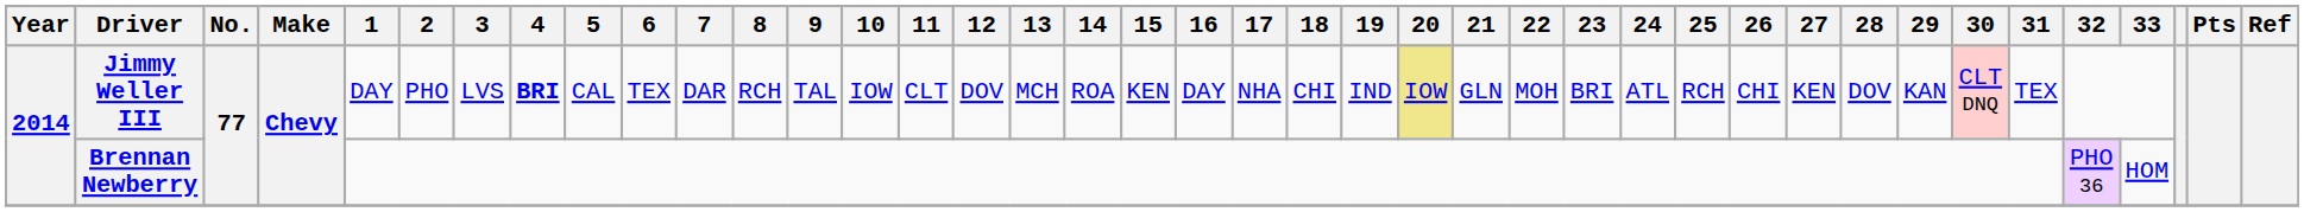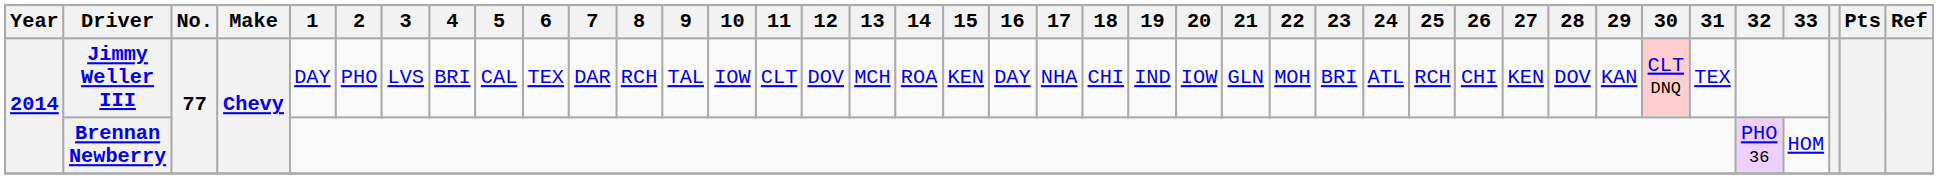 <table class="wikitable" style="text-align:center; font-size:75%">
 <tr>
 <th>Year</th>
 <th>Driver</th>
 <th>No.</th>
 <th>Make</th>
 <th>1</th>
 <th>2</th>
 <th>3</th>
 <th>4</th>
 <th>5</th>
 <th>6</th>
 <th>7</th>
 <th>8</th>
 <th>9</th>
 <th>10</th>
 <th>11</th>
 <th>12</th>
 <th>13</th>
 <th>14</th>
 <th>15</th>
 <th>16</th>
 <th>17</th>
 <th>18</th>
 <th>19</th>
 <th>20</th>
 <th>21</th>
 <th>22</th>
 <th>23</th>
 <th>24</th>
 <th>25</th>
 <th>26</th>
 <th>27</th>
 <th>28</th>
 <th>29</th>
 <th>30</th>
 <th>31</th>
 <th>32</th>
 <th>33</th>
 <th></th>
 <th>Pts</th>
 <th>Ref</th>
 </tr>
 <tr>
 <th rowspan=2><a href='#'>2014</a></th>
 <th><a href='#'>Jimmy Weller III</a></th>
 <th rowspan=2>77</th>
 <th rowspan=2><a href='#'>Chevy</a></th>
 <td><a href='#'>DAY</a></td>
 <td><a href='#'>PHO</a></td>
 <td><a href='#'>LVS</a></td>
-<td><strong><a href='#'>BRI</a></strong></td>
+<td><a href='#'>BRI</a></td>
 <td><a href='#'>CAL</a></td>
 <td><a href='#'>TEX</a></td>
 <td><a href='#'>DAR</a></td>
 <td><a href='#'>RCH</a></td>
 <td><a href='#'>TAL</a></td>
 <td><a href='#'>IOW</a></td>
 <td><a href='#'>CLT</a></td>
 <td><a href='#'>DOV</a></td>
 <td><a href='#'>MCH</a></td>
 <td><a href='#'>ROA</a></td>
 <td><a href='#'>KEN</a></td>
 <td><a href='#'>DAY</a></td>
 <td><a href='#'>NHA</a></td>
 <td><a href='#'>CHI</a></td>
 <td><a href='#'>IND</a></td>
-<td style="background: khaki;"><a href='#'>IOW</a></td>
+<td><a href='#'>IOW</a></td>
 <td><a href='#'>GLN</a></td>
 <td><a href='#'>MOH</a></td>
 <td><a href='#'>BRI</a></td>
 <td><a href='#'>ATL</a></td>
 <td><a href='#'>RCH</a></td>
 <td><a href='#'>CHI</a></td>
 <td><a href='#'>KEN</a></td>
 <td><a href='#'>DOV</a></td>
 <td><a href='#'>KAN</a></td>
 <td style="background:#FFCFCF;"><a href='#'>CLT</a><br><small>DNQ</small></td>
 <td><a href='#'>TEX</a></td>
 <td colspan=2></td>
 <th rowspan=2></th>
 <th rowspan=2></th>
 <th rowspan=2></th>
 </tr>
 <tr>
 <th><a href='#'>Brennan Newberry</a></th>
 <td colspan=31></td>
 <td style="background:#EFCFFF;"><a href='#'>PHO</a><br><small>36</small></td>
 <td><a href='#'>HOM</a></td>
 </tr>
 <tr>
 </tr>
 </table>
